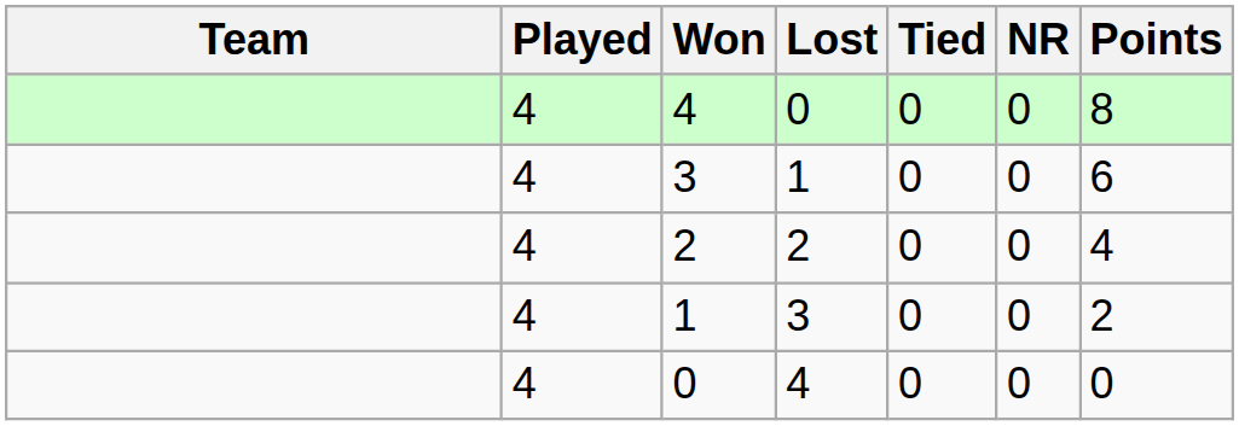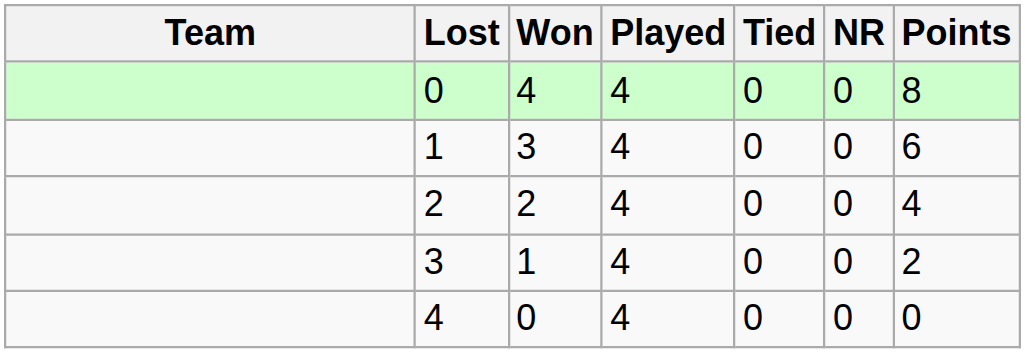 <table class="wikitable">
 <tr>
 <th width=175>Team</th>
+<th>Lost</th>
+<th>Won</th>
 <th>Played</th>
-<th>Won</th>
-<th>Lost</th>
 <th>Tied</th>
 <th>NR</th>
 <th>Points</th>
 </tr>
 <tr style="background:#ccffcc">
 <td></td>
+<td>0</td>
 <td>4</td>
 <td>4</td>
-<td>0</td>
 <td>0</td>
 <td>0</td>
 <td>8</td>
 </tr>
 <tr>
 <td></td>
+<td>1</td>
+<td>3</td>
 <td>4</td>
-<td>3</td>
-<td>1</td>
 <td>0</td>
 <td>0</td>
 <td>6</td>
 </tr>
 <tr>
 <td></td>
-<td>4</td>
 <td>2</td>
 <td>2</td>
+<td>4</td>
 <td>0</td>
 <td>0</td>
 <td>4</td>
 </tr>
 <tr>
 <td></td>
+<td>3</td>
+<td>1</td>
 <td>4</td>
-<td>1</td>
-<td>3</td>
 <td>0</td>
 <td>0</td>
 <td>2</td>
 </tr>
 <tr>
 <td></td>
 <td>4</td>
 <td>0</td>
 <td>4</td>
 <td>0</td>
 <td>0</td>
 <td>0</td>
 </tr>
 </table>
